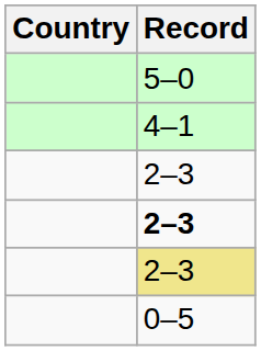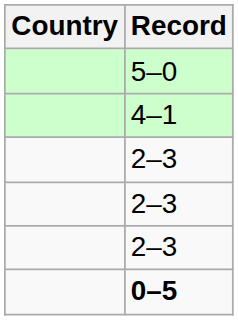 <table class="wikitable">
 <tr>
 <th>Country</th>
 <th>Record</th>
 </tr>
 <tr bgcolor="ccffcc">
 <td><strong></strong></td>
 <td>5–0</td>
 </tr>
 <tr bgcolor="ccffcc">
 <td><strong></strong></td>
 <td>4–1</td>
 </tr>
 <tr>
 <td><strong></strong></td>
 <td>2–3</td>
 </tr>
 <tr>
 <td><strong></strong></td>
-<td><strong>2–3</strong></td>
+<td>2–3</td>
 </tr>
 <tr>
 <td><strong></strong></td>
-<td style="background: khaki;">2–3</td>
+<td>2–3</td>
 </tr>
 <tr>
 <td><strong></strong></td>
-<td>0–5</td>
+<td><strong>0–5</strong></td>
 </tr>
 </table>
